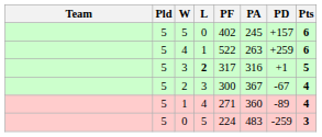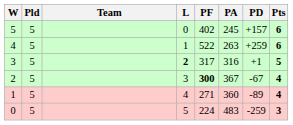 <table class="wikitable" style="text-align:center;">
 <tr>
+<th width=20>W</th>
+<th width=20>Pld</th>
 <th width=200>Team</th>
-<th width=20>Pld</th>
-<th width=20>W</th>
 <th width=20>L</th>
 <th width=30>PF</th>
 <th width=30>PA</th>
 <th width=30>PD</th>
 <th width=20>Pts</th>
 </tr>
 <tr style="background:#cfc;">
-<td align=left></td>
 <td>5</td>
 <td>5</td>
+<td align=left></td>
 <td>0</td>
 <td>402</td>
 <td>245</td>
 <td>+157</td>
 <td><strong>6</strong></td>
 </tr>
 <tr style="background:#cfc;">
+<td>4</td>
+<td>5</td>
 <td align=left></td>
-<td>5</td>
-<td>4</td>
 <td>1</td>
 <td>522</td>
 <td>263</td>
 <td>+259</td>
 <td><strong>6</strong></td>
 </tr>
 <tr style="background:#cfc;">
+<td>3</td>
+<td>5</td>
 <td align=left></td>
-<td>5</td>
-<td>3</td>
 <td><strong>2</strong></td>
 <td>317</td>
 <td>316</td>
 <td>+1</td>
 <td><strong>5</strong></td>
 </tr>
 <tr style="background:#cfc;">
+<td>2</td>
+<td>5</td>
 <td align=left></td>
-<td>5</td>
-<td>2</td>
 <td>3</td>
-<td>300</td>
+<td><strong>300</strong></td>
 <td>367</td>
 <td>-67</td>
 <td><strong>4</strong></td>
 </tr>
 <tr style="background:#fcc;">
+<td>1</td>
+<td>5</td>
 <td align=left></td>
-<td>5</td>
-<td>1</td>
 <td>4</td>
 <td>271</td>
 <td>360</td>
 <td>-89</td>
 <td><strong>4</strong></td>
 </tr>
 <tr style="background:#fcc;">
+<td>0</td>
+<td>5</td>
 <td align=left></td>
-<td>5</td>
-<td>0</td>
 <td>5</td>
 <td>224</td>
 <td>483</td>
 <td>-259</td>
 <td><strong>3</strong></td>
 </tr>
 </table>
